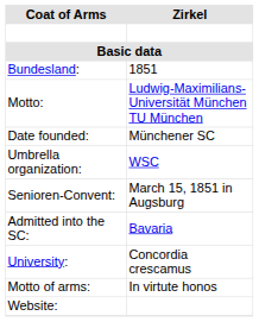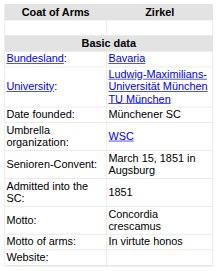 <table cellpadding="2" style="float: right; width: 307px; background: #e3e3e3; margin-left: 1em; border-spacing: 1px;">
 <tr>
 <th>Coat of Arms</th>
 <th>Zirkel</th>
 </tr>
 <tr style="background: #ffffff; text-align: center;">
 <td style="width: 145px;"><br></td>
 <td align="center"></td>
 </tr>
 <tr>
 <th colspan="2">Basic data</th>
 </tr>
 <tr style="background: #ffffff;">
 <td><a href='#'>Bundesland</a>:</td>
-<td>1851</td>
+<td><a href='#'>Bavaria</a></td>
 </tr>
 <tr style="background: #ffffff;">
-<td>Motto:</td>
+<td><a href='#'>University</a>:</td>
 <td><a href='#'>Ludwig-Maximilians-Universität München</a> <br> <a href='#'>TU München</a></td>
 </tr>
 <tr style="background: #ffffff;">
 <td>Date founded:</td>
 <td>Münchener SC</td>
 </tr>
 <tr style="background: #ffffff;">
 <td>Umbrella organization:</td>
 <td><a href='#'>WSC</a></td>
 </tr>
 <tr style="background: #ffffff;">
 <td>Senioren-Convent:</td>
 <td>March 15, 1851 in Augsburg</td>
 </tr>
 <tr style="background: #ffffff;">
 <td>Admitted into the SC:</td>
-<td><a href='#'>Bavaria</a></td>
+<td>1851</td>
 </tr>
 <tr style="background: #ffffff;">
-<td><a href='#'>University</a>:</td>
+<td>Motto:</td>
 <td>Concordia crescamus</td>
 </tr>
 <tr style="background: #ffffff;">
 <td>Motto of arms:</td>
 <td>In virtute honos</td>
 </tr>
 <tr style="background: #ffffff;">
 <td>Website:</td>
 <td></td>
 </tr>
 <tr>
 </tr>
 </table>
